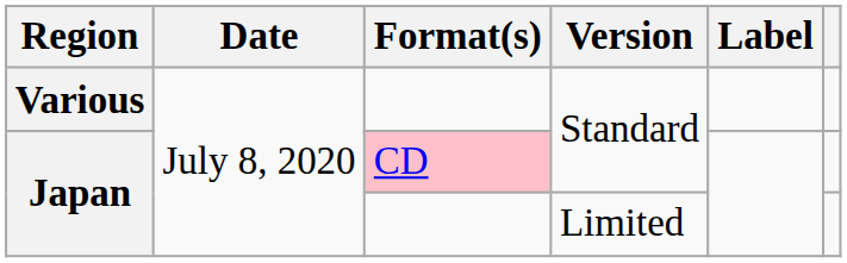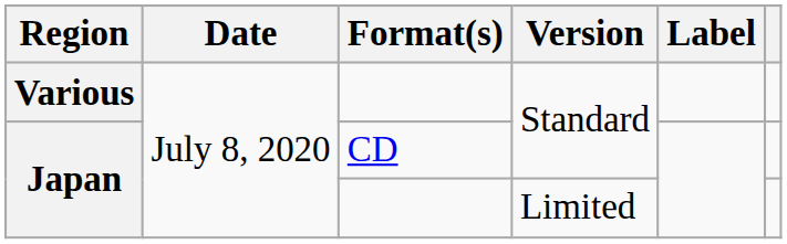 <table class="wikitable plainrowheaders">
 <tr>
 <th scope="col">Region</th>
 <th scope="col">Date</th>
 <th scope="col">Format(s)</th>
 <th scope="col">Version</th>
 <th scope="col">Label</th>
 <th scope="col"></th>
 </tr>
 <tr>
 <th scope="row">Various</th>
 <td rowspan="3">July 8, 2020</td>
 <td></td>
 <td rowspan="2">Standard</td>
 <td></td>
 <td align="center"></td>
 </tr>
 <tr>
 <th rowspan="2" scope="row">Japan</th>
-<td style="background: pink;"><a href='#'>CD</a></td>
+<td><a href='#'>CD</a></td>
 <td rowspan="2"></td>
 <td align="center"></td>
 </tr>
 <tr>
 <td></td>
 <td>Limited</td>
 <td align="center"></td>
 </tr>
 </table>
